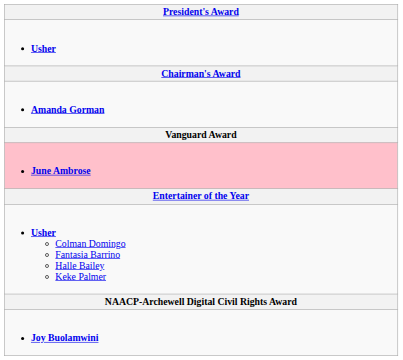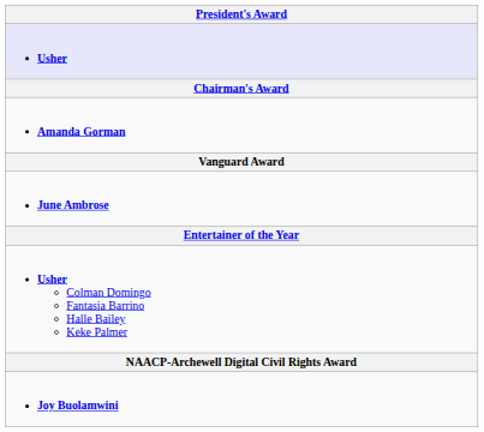 <table class="wikitable">
 <tr>
 <th style="width=50%"><a href='#'>President's Award</a></th>
 </tr>
 <tr>
-<td valign="top" width="50%"><br><ul><li><strong><a href='#'>Usher</a></strong></li></ul></td>
+<td valign="top" width="50%" style="background: lavender;"><br><ul><li><strong><a href='#'>Usher</a></strong></li></ul></td>
 </tr>
 <tr>
 <th style="width=50%"><a href='#'>Chairman's Award</a></th>
 </tr>
 <tr>
 <td width="50%" valign="top"><br><ul><li><strong><a href='#'>Amanda Gorman</a></strong></li></ul></td>
 </tr>
 <tr>
 <th style="width=50%">Vanguard Award</th>
 </tr>
 <tr>
-<td width="50%" valign="top" style="background: pink;"><br><ul><li><strong><a href='#'>June Ambrose</a></strong></li></ul></td>
+<td width="50%" valign="top"><br><ul><li><strong><a href='#'>June Ambrose</a></strong></li></ul></td>
 </tr>
 <tr>
 <th style="width=50%"><a href='#'>Entertainer of the Year</a></th>
 </tr>
 <tr>
 <td width="50%" valign="top"><br><ul><li><strong><a href='#'>Usher</a></strong><ul><li><a href='#'>Colman Domingo</a></li><li><a href='#'>Fantasia Barrino</a></li><li><a href='#'>Halle Bailey</a></li><li><a href='#'>Keke Palmer</a></li></ul></li></ul></td>
 </tr>
 <tr>
 <th style="width=50%">NAACP-Archewell Digital Civil Rights Award</th>
 </tr>
 <tr>
 <td width="50%" valign="top"><br><ul><li><strong><a href='#'>Joy Buolamwini</a></strong></li></ul></td>
 </tr>
 </table>
